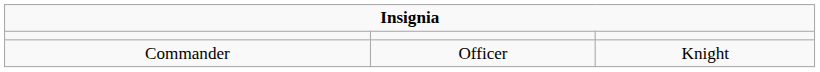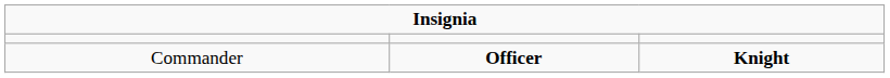 <table align=center class=wikitable width=60%>
 <tr>
 <td colspan=7 align="center"><strong>Insignia</strong></td>
 </tr>
 <tr>
 <td width=33,33% valign=top align=center></td>
 <td width=33,33% valign=top align=center></td>
 <td width=33,33% valign=top align=center></td>
 </tr>
 <tr>
 <td width=33,33% valign=top align=center>Commander</td>
-<td width=33,33% valign=top align=center>Officer</td>
-<td width=33,33% valign=top align=center>Knight</td>
+<td width=33,33% valign=top align=center><strong>Officer</strong></td>
+<td width=33,33% valign=top align=center><strong>Knight</strong></td>
 </tr>
 </table>
